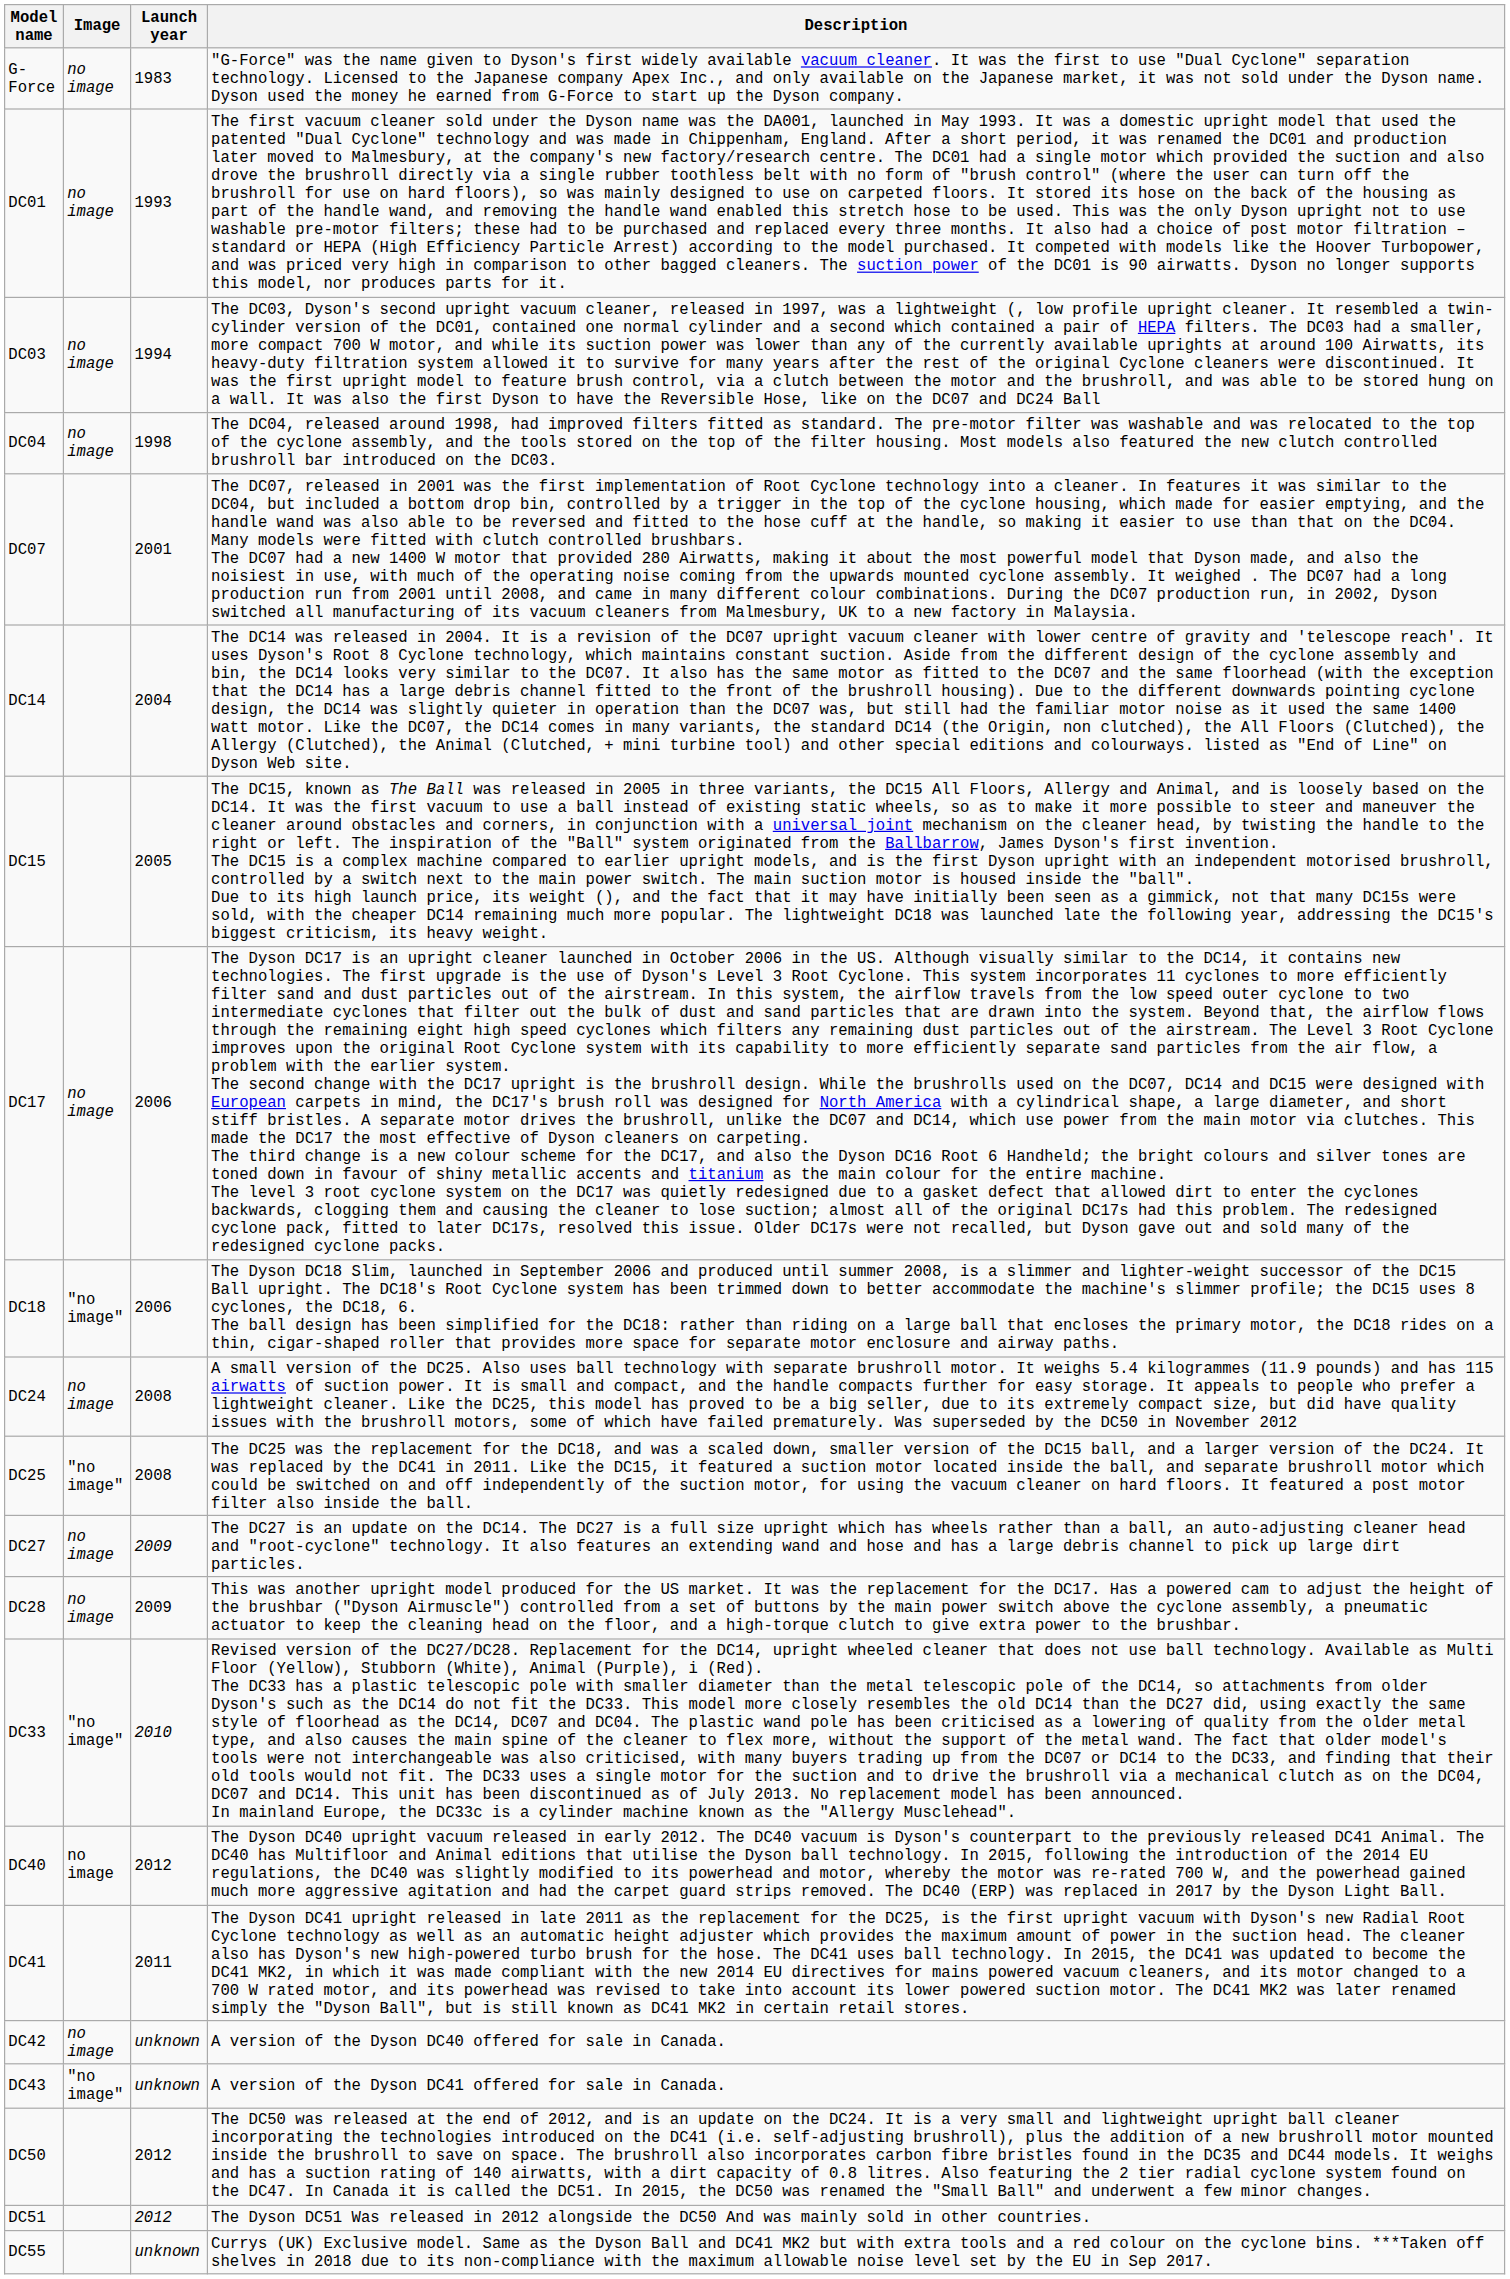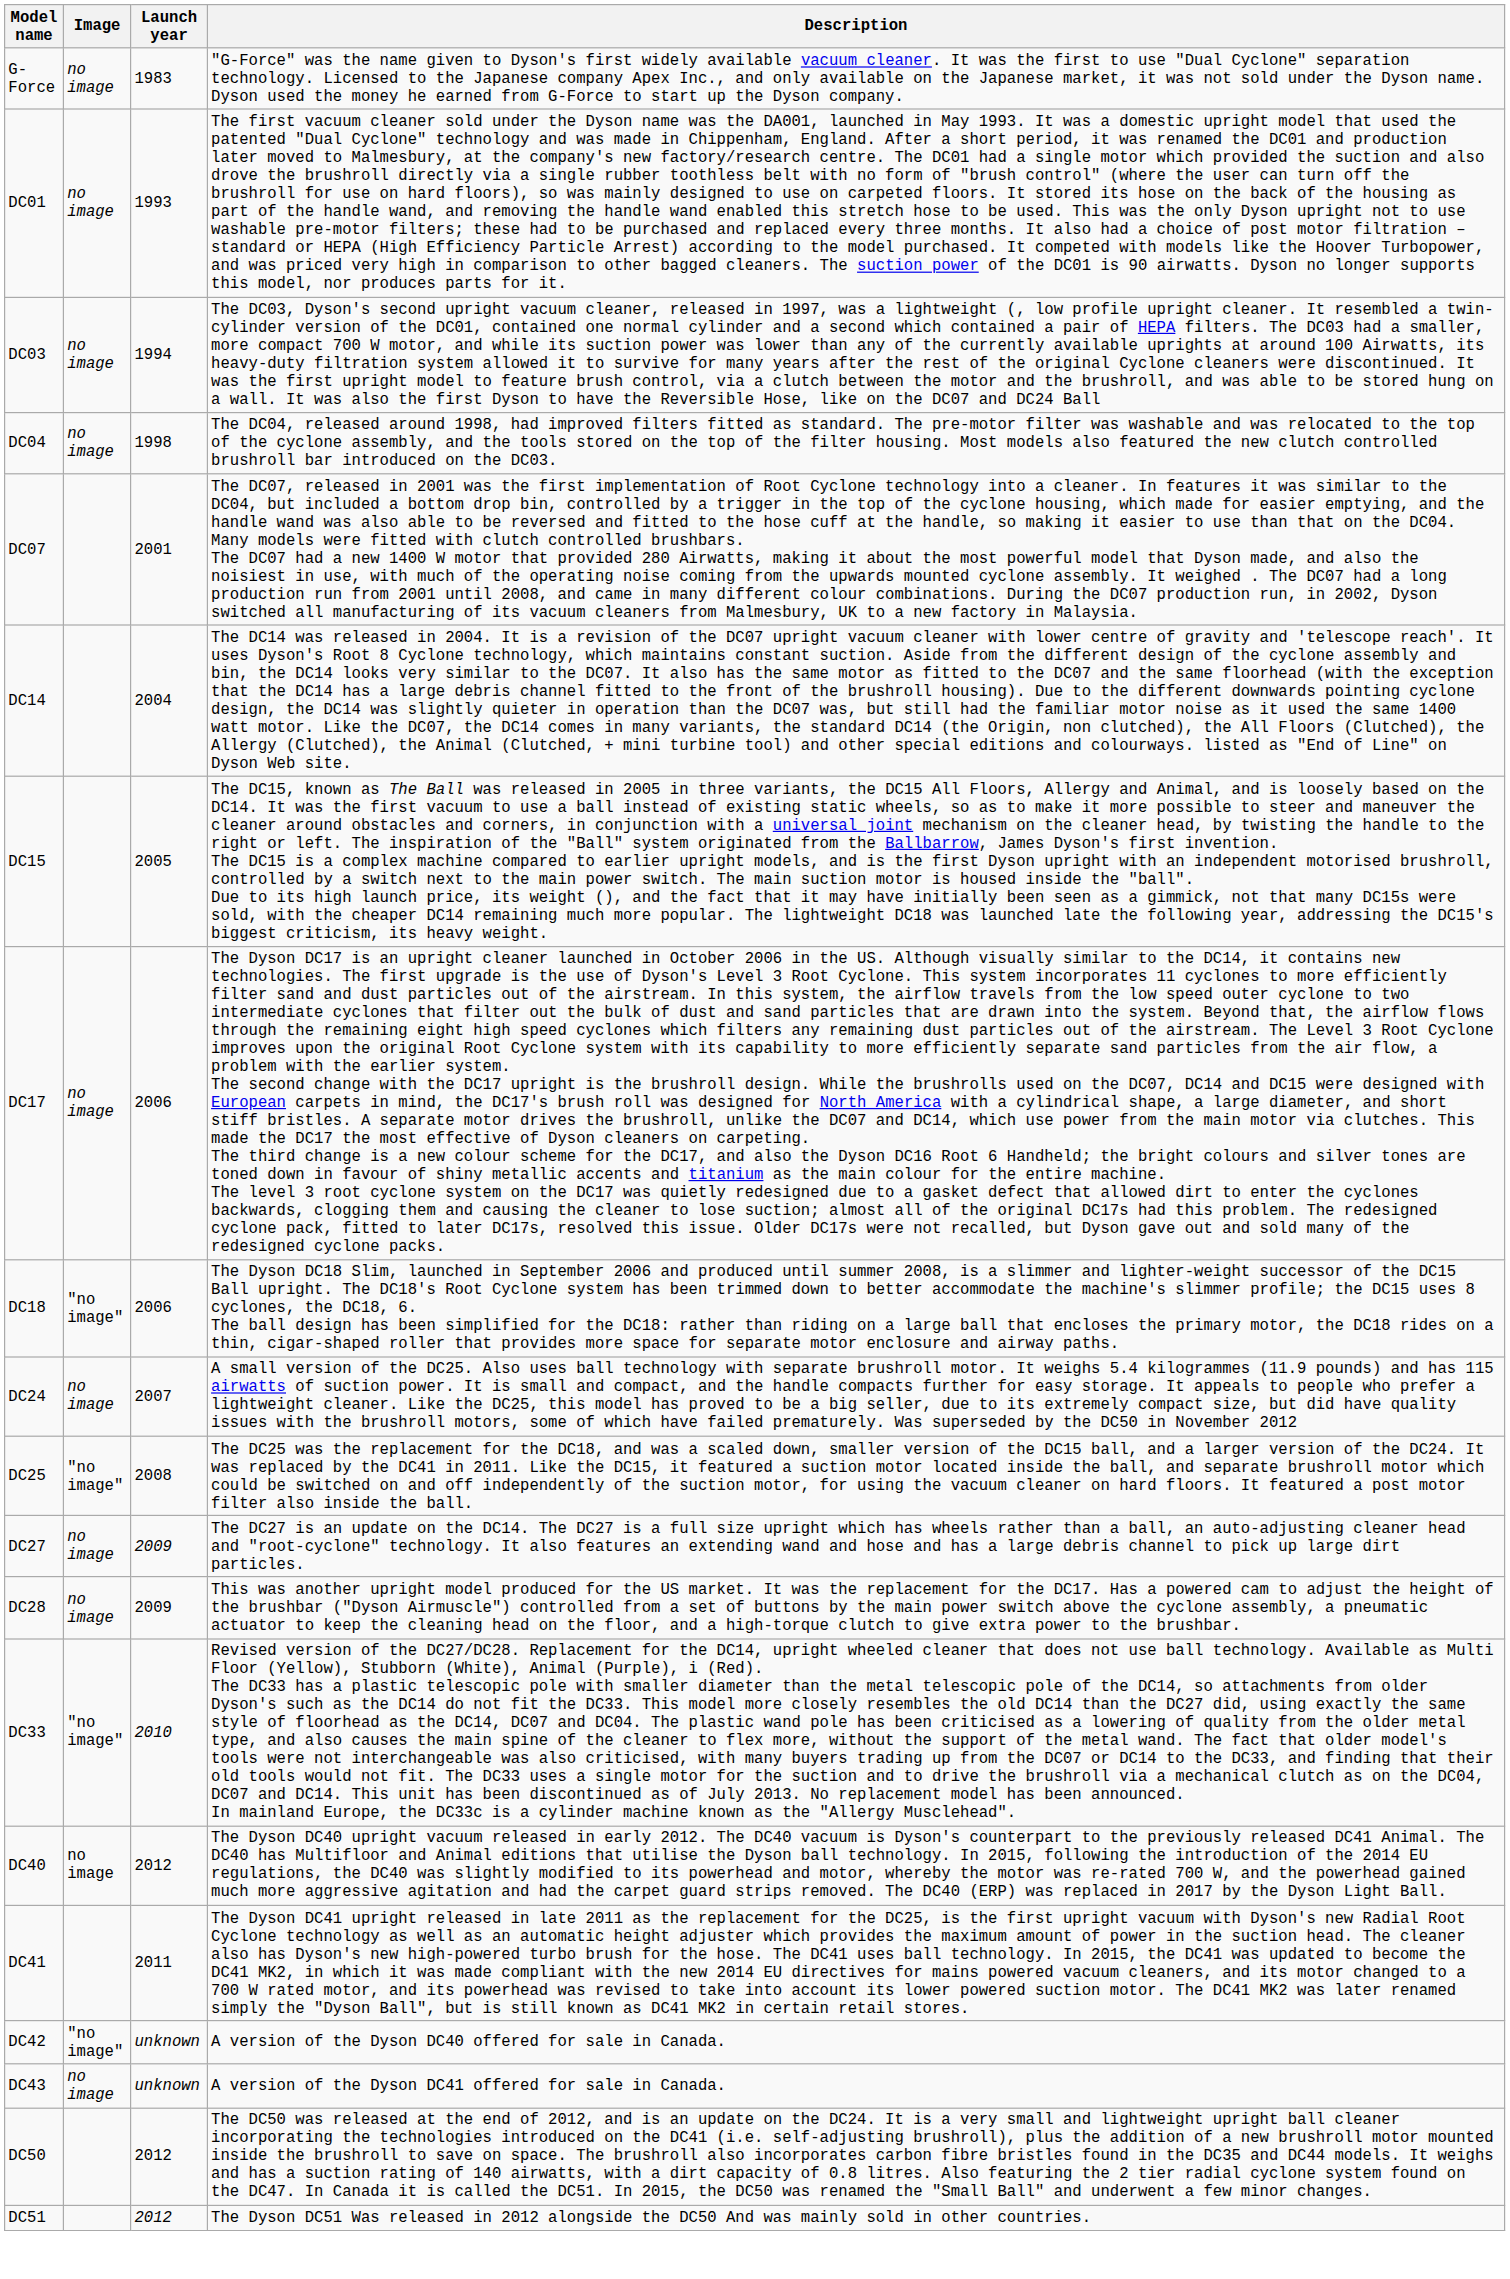 <table class="wikitable sortable">
 <tr>
 <th>Model name</th>
 <th>Image</th>
 <th>Launch year</th>
 <th>Description</th>
 </tr>
 <tr>
 <td>G-Force</td>
 <td><em>no image</em></td>
 <td>1983</td>
 <td>"G-Force" was the name given to Dyson's first widely available <a href='#'>vacuum cleaner</a>. It was the first to use "Dual Cyclone" separation technology. Licensed to the Japanese company Apex Inc., and only available on the Japanese market, it was not sold under the Dyson name. Dyson used the money he earned from G-Force to start up the Dyson company.</td>
 </tr>
 <tr>
 <td>DC01</td>
 <td><em>no image</em></td>
 <td>1993</td>
 <td>The first vacuum cleaner sold under the Dyson name was the DA001, launched in May 1993. It was a domestic upright model that used the patented "Dual Cyclone" technology and was made in Chippenham, England. After a short period, it was renamed the DC01 and production later moved to Malmesbury, at the company's new factory/research centre. The DC01 had a single motor which provided the suction and also drove the brushroll directly via a single rubber toothless belt with no form of "brush control" (where the user can turn off the brushroll for use on hard floors), so was mainly designed to use on carpeted floors. It stored its hose on the back of the housing as part of the handle wand, and removing the handle wand enabled this stretch hose to be used. This was the only Dyson upright not to use washable pre-motor filters; these had to be purchased and replaced every three months. It also had a choice of post motor filtration – standard or HEPA (High Efficiency Particle Arrest) according to the model purchased. It competed with models like the Hoover Turbopower, and was priced very high in comparison to other bagged cleaners. The <a href='#'>suction power</a> of the DC01 is 90 airwatts. Dyson no longer supports this model, nor produces parts for it.</td>
 </tr>
 <tr>
 <td>DC03</td>
 <td><em>no image</em></td>
 <td>1994</td>
 <td>The DC03, Dyson's second upright vacuum cleaner, released in 1997, was a lightweight (, low profile upright cleaner. It resembled a twin-cylinder version of the DC01, contained one normal cylinder and a second which contained a pair of <a href='#'>HEPA</a> filters. The DC03 had a smaller, more compact 700 W motor, and while its suction power was lower than any of the currently available uprights at around 100 Airwatts, its heavy-duty filtration system allowed it to survive for many years after the rest of the original Cyclone cleaners were discontinued. It was the first upright model to feature brush control, via a clutch between the motor and the brushroll, and was able to be stored hung on a wall. It was also the first Dyson to have the Reversible Hose, like on the DC07 and DC24 Ball</td>
 </tr>
 <tr>
 <td>DC04</td>
 <td><em>no image</em></td>
 <td>1998</td>
 <td>The DC04, released around 1998, had improved filters fitted as standard. The pre-motor filter was washable and was relocated to the top of the cyclone assembly, and the tools stored on the top of the filter housing. Most models also featured the new clutch controlled brushroll bar introduced on the DC03.</td>
 </tr>
 <tr>
 <td>DC07</td>
 <td></td>
 <td>2001</td>
 <td>The DC07, released in 2001 was the first implementation of Root Cyclone technology into a cleaner. In features it was similar to the DC04, but included a bottom drop bin, controlled by a trigger in the top of the cyclone housing, which made for easier emptying, and the handle wand was also able to be reversed and fitted to the hose cuff at the handle, so making it easier to use than that on the DC04. Many models were fitted with clutch controlled brushbars.<br>The DC07 had a new 1400 W motor that provided 280 Airwatts, making it about the most powerful model that Dyson made, and also the noisiest in use, with much of the operating noise coming from the upwards mounted cyclone assembly. It weighed . The DC07 had a long production run from 2001 until 2008, and came in many different colour combinations. During the DC07 production run, in 2002, Dyson switched all manufacturing of its vacuum cleaners from Malmesbury, UK to a new factory in Malaysia.</td>
 </tr>
 <tr>
 <td>DC14</td>
 <td></td>
 <td>2004</td>
 <td>The DC14 was released in 2004. It is a revision of the DC07 upright vacuum cleaner with lower centre of gravity and 'telescope reach'. It uses Dyson's Root 8 Cyclone technology, which maintains constant suction. Aside from the different design of the cyclone assembly and bin, the DC14 looks very similar to the DC07. It also has the same motor as fitted to the DC07 and the same floorhead (with the exception that the DC14 has a large debris channel fitted to the front of the brushroll housing). Due to the different downwards pointing cyclone design, the DC14 was slightly quieter in operation than the DC07 was, but still had the familiar motor noise as it used the same 1400 watt motor. Like the DC07, the DC14 comes in many variants, the standard DC14 (the Origin, non clutched), the All Floors (Clutched), the Allergy (Clutched), the Animal (Clutched, + mini turbine tool) and other special editions and colourways.  listed as "End of Line" on Dyson Web site.</td>
 </tr>
 <tr>
 <td>DC15</td>
 <td></td>
 <td>2005</td>
 <td>The DC15, known as <em>The Ball</em> was released in 2005 in three variants, the DC15 All Floors, Allergy and Animal, and is loosely based on the DC14. It was the first vacuum to use a ball instead of existing static wheels, so as to make it more possible to steer and maneuver the cleaner around obstacles and corners, in conjunction with a <a href='#'>universal joint</a> mechanism on the cleaner head, by twisting the handle to the right or left. The inspiration of the "Ball" system originated from the <a href='#'>Ballbarrow</a>, James Dyson's first invention.<br>The DC15 is a complex machine compared to earlier upright models, and is the first Dyson upright with an independent motorised brushroll, controlled by a switch next to the main power switch. The main suction motor is housed inside the "ball".<br>Due to its high launch price, its weight (), and the fact that it may have initially been seen as a gimmick, not that many DC15s were sold, with the cheaper DC14 remaining much more popular. The lightweight DC18 was launched late the following year, addressing the DC15's biggest criticism, its heavy weight.</td>
 </tr>
 <tr>
 <td>DC17</td>
 <td><em>no image</em></td>
 <td>2006</td>
 <td>The Dyson DC17 is an upright cleaner launched in October 2006 in the US. Although visually similar to the DC14, it contains new technologies. The first upgrade is the use of Dyson's Level 3 Root Cyclone. This system incorporates 11 cyclones to more efficiently filter sand and dust particles out of the airstream. In this system, the airflow travels from the low speed outer cyclone to two intermediate cyclones that filter out the bulk of dust and sand particles that are drawn into the system. Beyond that, the airflow flows through the remaining eight high speed cyclones which filters any remaining dust particles out of the airstream. The Level 3 Root Cyclone improves upon the original Root Cyclone system with its capability to more efficiently separate sand particles from the air flow, a problem with the earlier system.<br>The second change with the DC17 upright is the brushroll design. While the brushrolls used on the DC07, DC14 and DC15 were designed with <a href='#'>European</a> carpets in mind, the DC17's brush roll was designed for <a href='#'>North America</a> with a cylindrical shape, a large diameter, and short stiff bristles. A separate motor drives the brushroll, unlike the DC07 and DC14, which use power from the main motor via clutches. This made the DC17 the most effective of Dyson cleaners on carpeting.<br>The third change is a new colour scheme for the DC17, and also the Dyson DC16 Root 6 Handheld; the bright colours and silver tones are toned down in favour of shiny metallic accents and <a href='#'>titanium</a> as the main colour for the entire machine.<br>The level 3 root cyclone system on the DC17 was quietly redesigned due to a gasket defect that allowed dirt to enter the cyclones backwards, clogging them and causing the cleaner to lose suction; almost all of the original DC17s had this problem. The redesigned cyclone pack, fitted to later DC17s, resolved this issue. Older DC17s were not recalled, but Dyson gave out and sold many of the redesigned cyclone packs.</td>
 </tr>
 <tr>
 <td>DC18</td>
 <td>"no image"</td>
 <td>2006</td>
 <td>The  Dyson DC18 Slim, launched in September 2006 and produced until summer 2008, is a slimmer and lighter-weight successor of the DC15 Ball upright. The DC18's Root Cyclone system has been trimmed down to better accommodate the machine's slimmer profile; the DC15 uses 8 cyclones, the DC18, 6.<br>The ball design has been simplified for the DC18: rather than riding on a large ball that encloses the primary motor, the DC18 rides on a thin, cigar-shaped roller that provides more space for separate motor enclosure and airway paths.</td>
 </tr>
 <tr>
 <td>DC24</td>
 <td><em>no image</em></td>
-<td>2008</td>
+<td>2007</td>
 <td>A small version of the DC25. Also uses ball technology with separate brushroll motor. It weighs 5.4 kilogrammes (11.9 pounds) and has 115 <a href='#'>airwatts</a> of suction power. It is small and compact, and the handle compacts further for easy storage. It appeals to people who prefer a lightweight cleaner. Like the DC25, this model has proved to be a big seller, due to its extremely compact size, but did have quality issues with the brushroll motors, some of which have failed prematurely. Was superseded by the DC50 in November 2012</td>
 </tr>
 <tr>
 <td>DC25</td>
 <td>"no image"</td>
 <td>2008</td>
 <td>The DC25 was the replacement for the DC18, and was a scaled down, smaller version of the DC15 ball, and a larger version of the DC24. It was replaced by the DC41 in 2011. Like the DC15, it featured a suction motor located inside the ball, and separate brushroll motor which could be switched on and off independently of the suction motor, for using the vacuum cleaner on hard floors. It featured a post motor filter also inside the ball.</td>
 </tr>
 <tr>
 <td>DC27</td>
 <td><em>no image</em></td>
 <td><em>2009</em></td>
 <td>The DC27 is an update on the DC14. The DC27 is a full size upright which has wheels rather than a ball, an auto-adjusting cleaner head and "root-cyclone" technology. It also features an extending wand and hose and has a large debris channel to pick up large dirt particles.</td>
 </tr>
 <tr>
 <td>DC28</td>
 <td><em>no image</em></td>
 <td>2009</td>
 <td>This was another upright model produced for the US market. It was the replacement for the DC17. Has a powered cam to adjust the height of the brushbar ("Dyson Airmuscle") controlled from a set of buttons by the main power switch above the cyclone assembly, a pneumatic actuator to keep the cleaning head on the floor, and a high-torque clutch to give extra power to the brushbar.</td>
 </tr>
 <tr>
 <td>DC33</td>
 <td>"no image"</td>
 <td><em>2010</em></td>
 <td>Revised version of the DC27/DC28. Replacement for the DC14, upright wheeled cleaner that does not use ball technology. Available as Multi Floor (Yellow), Stubborn (White), Animal (Purple), i (Red).<br>The DC33 has a plastic telescopic pole with smaller diameter than the metal telescopic pole of the DC14, so attachments from older Dyson's such as the DC14 do not fit the DC33. This model more closely resembles the old DC14 than the DC27 did, using exactly the same style of floorhead as the DC14, DC07 and DC04. The plastic wand pole has been criticised as a lowering of quality from the older metal type, and also causes the main spine of the cleaner to flex more, without the support of the metal wand. The fact that older model's tools were not interchangeable was also criticised, with many buyers trading up from the DC07 or DC14 to the DC33, and finding that their old tools would not fit. The DC33 uses a single motor for the suction and to drive the brushroll via a mechanical clutch as on the DC04, DC07 and DC14. This unit has been discontinued as of July 2013. No replacement model has been announced.<br>In mainland Europe, the DC33c is a cylinder machine known as the "Allergy Musclehead".</td>
 </tr>
 <tr>
 <td>DC40</td>
 <td>no image</td>
 <td>2012</td>
 <td>The Dyson DC40 upright vacuum released in early 2012. The DC40 vacuum is Dyson's counterpart to the previously released DC41 Animal. The DC40 has Multifloor and Animal editions that utilise the Dyson ball technology. In 2015, following the introduction of the 2014 EU regulations, the DC40 was slightly modified to its powerhead and motor, whereby the motor was re-rated 700 W, and the powerhead gained much more aggressive agitation and had the carpet guard strips removed. The DC40 (ERP) was replaced in 2017 by the Dyson Light Ball.</td>
 </tr>
 <tr>
 <td>DC41</td>
 <td><em></em></td>
 <td>2011</td>
 <td>The Dyson DC41 upright released in late 2011 as the replacement for the DC25, is the first upright vacuum with Dyson's new Radial Root Cyclone technology as well as an automatic height adjuster which provides the maximum amount of power in the suction head. The cleaner also has Dyson's new high-powered turbo brush for the hose. The DC41 uses ball technology. In 2015, the DC41 was updated to become the DC41 MK2, in which it was made compliant with the new 2014 EU directives for mains powered vacuum cleaners, and its motor changed to a 700 W rated motor, and its powerhead was revised to take into account its lower powered suction motor. The DC41 MK2 was later renamed simply the "Dyson Ball", but is still known as DC41 MK2 in certain retail stores.</td>
 </tr>
 <tr>
 <td>DC42</td>
-<td><em>no image</em></td>
+<td>"no image"</td>
 <td><em>unknown</em></td>
 <td>A version of the Dyson DC40 offered for sale in Canada.</td>
 </tr>
 <tr>
 <td>DC43</td>
-<td>"no image"</td>
+<td><em>no image</em></td>
 <td><em>unknown</em></td>
 <td>A version of the Dyson DC41 offered for sale in Canada.</td>
 </tr>
 <tr>
 <td>DC50</td>
 <td><em></em></td>
 <td>2012</td>
 <td>The DC50 was released at the end of 2012, and is an update on the DC24. It is a very small and lightweight upright ball cleaner incorporating the technologies introduced on the DC41 (i.e. self-adjusting brushroll), plus the addition of a new brushroll motor mounted inside the brushroll to save on space. The brushroll also incorporates carbon fibre bristles found in the DC35 and DC44 models. It weighs  and has a suction rating of 140 airwatts, with a dirt capacity of 0.8 litres. Also featuring the 2 tier radial cyclone system found on the DC47. In Canada it is called the DC51. In 2015, the DC50 was renamed the "Small Ball" and underwent a few minor changes.</td>
 </tr>
 <tr>
 <td>DC51</td>
 <td><em></em></td>
 <td><em>2012</em></td>
 <td>The Dyson DC51 Was released in 2012 alongside the DC50 And was mainly sold in other countries.</td>
 </tr>
-<tr>
-<td>DC55</td>
-<td><em></em></td>
-<td><em>unknown</em></td>
-<td>Currys (UK) Exclusive model. Same as the Dyson Ball and DC41 MK2 but with extra tools and a red colour on the cyclone bins. ***Taken off shelves in 2018 due to its non-compliance with the maximum allowable noise level set by the EU in Sep 2017.</td>
-</tr>
 </table>
